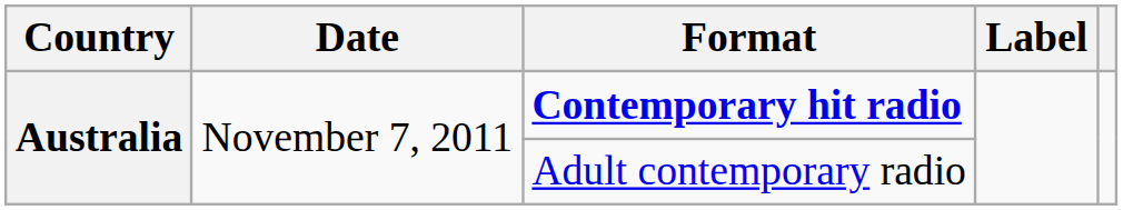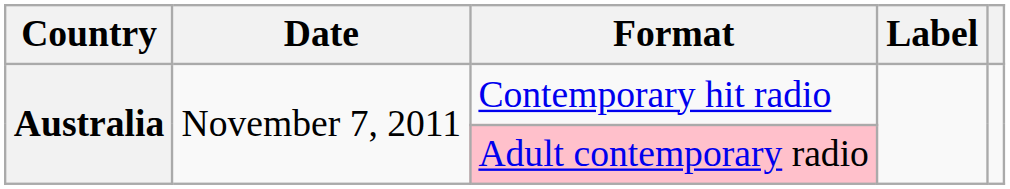 <table class="wikitable plainrowheaders">
 <tr>
 <th scope="col">Country</th>
 <th scope="col">Date</th>
 <th scope="col">Format</th>
 <th scope="col">Label</th>
 <th scope="col"></th>
 </tr>
 <tr>
 <th scope="row" rowspan="2">Australia</th>
 <td rowspan="2">November 7, 2011</td>
-<td><strong><a href='#'>Contemporary hit radio</a></strong></td>
+<td><a href='#'>Contemporary hit radio</a></td>
 <td align="center" rowspan="2"></td>
 <td align="center" rowspan="2"></td>
 </tr>
 <tr>
-<td><a href='#'>Adult contemporary</a> radio</td>
+<td style="background: pink;"><a href='#'>Adult contemporary</a> radio</td>
 </tr>
 </table>
